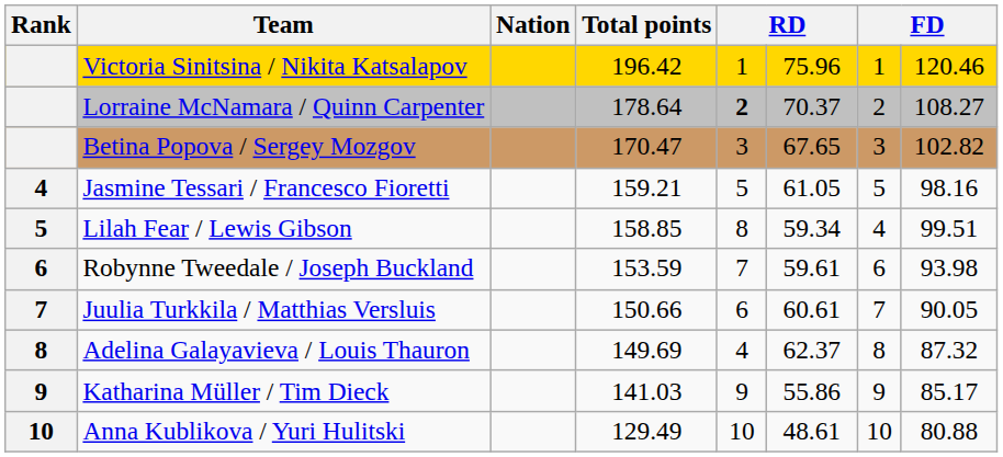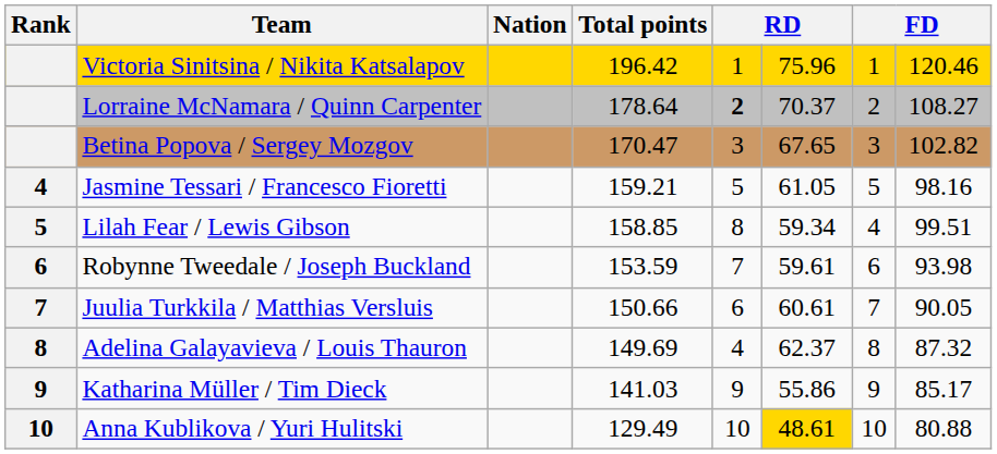 <table class="wikitable sortable" style="text-align:left">
 <tr>
 <th scope="col">Rank</th>
 <th scope="col">Team</th>
 <th scope="col">Nation</th>
 <th scope="col">Total points</th>
 <th scope="col" colspan="2" width="80px"><a href='#'>RD</a></th>
 <th scope="col" colspan="2" width="80px"><a href='#'>FD</a></th>
 </tr>
 <tr bgcolor="gold">
 <th scope="row"></th>
 <td><a href='#'>Victoria Sinitsina</a> / <a href='#'>Nikita Katsalapov</a></td>
 <td></td>
 <td align="center">196.42</td>
 <td align="center">1</td>
 <td align="center">75.96</td>
 <td align="center">1</td>
 <td align="center">120.46</td>
 </tr>
 <tr bgcolor="silver">
 <th scope="row"></th>
 <td><a href='#'>Lorraine McNamara</a> / <a href='#'>Quinn Carpenter</a></td>
 <td></td>
 <td align="center">178.64</td>
 <td align="center"><strong>2</strong></td>
 <td align="center">70.37</td>
 <td align="center">2</td>
 <td align="center">108.27</td>
 </tr>
 <tr bgcolor="cc9966">
 <th scope="row"></th>
 <td><a href='#'>Betina Popova</a> / <a href='#'>Sergey Mozgov</a></td>
 <td></td>
 <td align="center">170.47</td>
 <td align="center">3</td>
 <td align="center">67.65</td>
 <td align="center">3</td>
 <td align="center">102.82</td>
 </tr>
 <tr>
 <th scope="row">4</th>
 <td><a href='#'>Jasmine Tessari</a> / <a href='#'>Francesco Fioretti</a></td>
 <td></td>
 <td align="center">159.21</td>
 <td align="center">5</td>
 <td align="center">61.05</td>
 <td align="center">5</td>
 <td align="center">98.16</td>
 </tr>
 <tr>
 <th scope="row">5</th>
 <td><a href='#'>Lilah Fear</a> / <a href='#'>Lewis Gibson</a></td>
 <td></td>
 <td align="center">158.85</td>
 <td align="center">8</td>
 <td align="center">59.34</td>
 <td align="center">4</td>
 <td align="center">99.51</td>
 </tr>
 <tr>
 <th scope="row">6</th>
 <td>Robynne Tweedale / <a href='#'>Joseph Buckland</a></td>
 <td></td>
 <td align="center">153.59</td>
 <td align="center">7</td>
 <td align="center">59.61</td>
 <td align="center">6</td>
 <td align="center">93.98</td>
 </tr>
 <tr>
 <th scope="row">7</th>
 <td><a href='#'>Juulia Turkkila</a> / <a href='#'>Matthias Versluis</a></td>
 <td></td>
 <td align="center">150.66</td>
 <td align="center">6</td>
 <td align="center">60.61</td>
 <td align="center">7</td>
 <td align="center">90.05</td>
 </tr>
 <tr>
 <th scope="row">8</th>
 <td><a href='#'>Adelina Galayavieva</a> / <a href='#'>Louis Thauron</a></td>
 <td></td>
 <td align="center">149.69</td>
 <td align="center">4</td>
 <td align="center">62.37</td>
 <td align="center">8</td>
 <td align="center">87.32</td>
 </tr>
 <tr>
 <th scope="row">9</th>
 <td><a href='#'>Katharina Müller</a> / <a href='#'>Tim Dieck</a></td>
 <td></td>
 <td align="center">141.03</td>
 <td align="center">9</td>
 <td align="center">55.86</td>
 <td align="center">9</td>
 <td align="center">85.17</td>
 </tr>
 <tr>
 <th scope="row">10</th>
 <td><a href='#'>Anna Kublikova</a> / <a href='#'>Yuri Hulitski</a></td>
 <td></td>
 <td align="center">129.49</td>
 <td align="center">10</td>
-<td align="center">48.61</td>
+<td align="center" style="background: gold;">48.61</td>
 <td align="center">10</td>
 <td align="center">80.88</td>
 </tr>
 </table>
